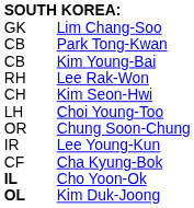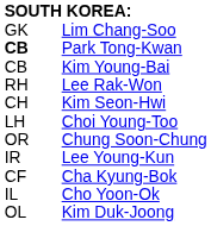 <table cellspacing="0" cellpadding="0" style="font-size:90%; margin:auto;">
 <tr>
 <td colspan="4"><strong>SOUTH KOREA:</strong></td>
 </tr>
 <tr>
 <th width="25"></th>
 <th width="25"></th>
 </tr>
 <tr>
 <td>GK</td>
 <td><strong></strong></td>
 <td><a href='#'>Lim Chang-Soo</a></td>
 </tr>
 <tr>
-<td>CB</td>
+<td><strong>CB</strong></td>
 <td><strong></strong></td>
 <td><a href='#'>Park Tong-Kwan</a></td>
 </tr>
 <tr>
 <td>CB</td>
 <td><strong></strong></td>
 <td><a href='#'>Kim Young-Bai</a></td>
 </tr>
 <tr>
 <td>RH</td>
 <td><strong></strong></td>
 <td><a href='#'>Lee Rak-Won</a></td>
 </tr>
 <tr>
 <td>CH</td>
 <td><strong></strong></td>
 <td><a href='#'>Kim Seon-Hwi</a></td>
 </tr>
 <tr>
 <td>LH</td>
 <td><strong></strong></td>
 <td><a href='#'>Choi Young-Too</a></td>
 </tr>
 <tr>
 <td>OR</td>
 <td><strong></strong></td>
 <td><a href='#'>Chung Soon-Chung</a></td>
 </tr>
 <tr>
 <td>IR</td>
 <td><strong></strong></td>
 <td><a href='#'>Lee Young-Kun</a></td>
 </tr>
 <tr>
 <td>CF</td>
 <td><strong></strong></td>
 <td><a href='#'>Cha Kyung-Bok</a></td>
 </tr>
 <tr>
-<td><strong>IL</strong></td>
+<td>IL</td>
 <td><strong></strong></td>
 <td><a href='#'>Cho Yoon-Ok</a></td>
 </tr>
 <tr>
-<td><strong>OL</strong></td>
+<td>OL</td>
 <td><strong></strong></td>
 <td><a href='#'>Kim Duk-Joong</a></td>
 </tr>
 <tr>
 </tr>
 </table>
